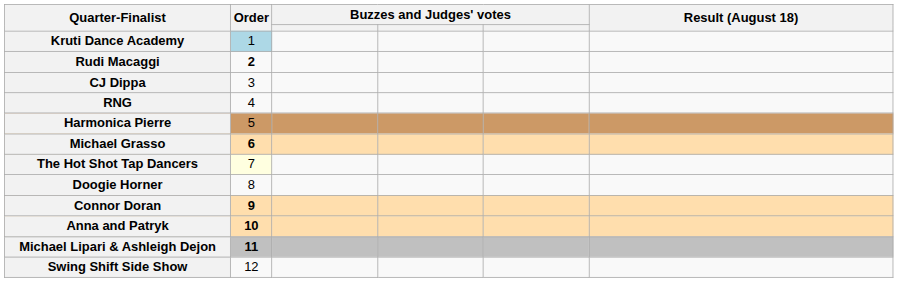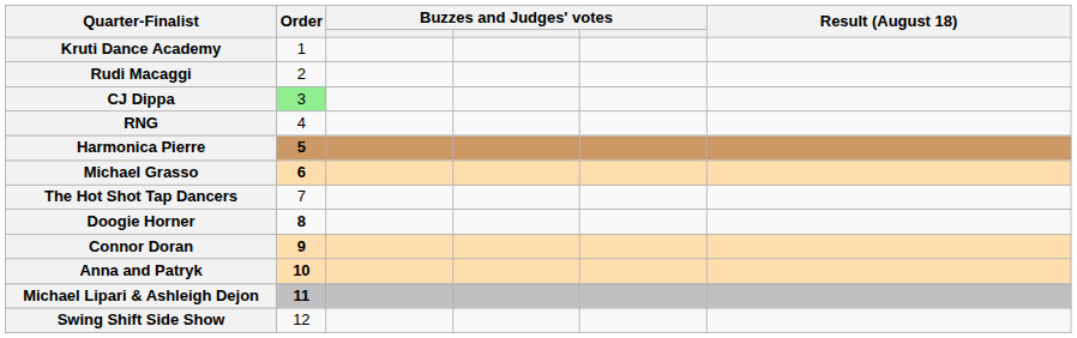 <table class="wikitable plainrowheaders sortable" style="text-align:center;">
 <tr>
 <th scope="col" rowspan="2" class="unsortable" style="width:17em;">Quarter-Finalist</th>
 <th scope="col" rowspan="2" style="width:1em;">Order</th>
 <th scope="col" colspan="3" class="unsortable" style="width:24em;">Buzzes and Judges' votes</th>
 <th scope="col" rowspan="2" style="width:23em;">Result (August 18)</th>
 </tr>
 <tr>
 <th scope="col" class="unsortable" style="width:6em;"></th>
 <th scope="col" class="unsortable" style="width:6em;"></th>
 <th scope="col" class="unsortable" style="width:6em;"></th>
 </tr>
 <tr>
 <th scope="row">Kruti Dance Academy</th>
-<td style="background: lightblue;">1</td>
+<td>1</td>
 <td style="text-align:center;"></td>
 <td style="text-align:center;"></td>
 <td style="text-align:center;"></td>
 <td></td>
 </tr>
 <tr>
 <th scope="row">Rudi Macaggi</th>
-<td><strong>2</strong></td>
+<td>2</td>
 <td style="text-align:center;"></td>
 <td style="text-align:center;"></td>
 <td style="text-align:center;"></td>
 <td></td>
 </tr>
 <tr>
 <th scope="row">CJ Dippa</th>
-<td>3</td>
+<td style="background: lightgreen;">3</td>
 <td style="text-align:center;"></td>
 <td style="text-align:center;"></td>
 <td style="text-align:center;"></td>
 <td></td>
 </tr>
 <tr>
 <th scope="row">RNG</th>
 <td>4</td>
 <td style="text-align:center;"></td>
 <td style="text-align:center;"></td>
 <td style="text-align:center;"></td>
 <td></td>
 </tr>
 <tr style="background:#c96;">
 <th scope="row">Harmonica Pierre</th>
-<td>5</td>
+<td><strong>5</strong></td>
 <td style="text-align:center;"></td>
 <td style="text-align:center;"></td>
 <td style="text-align:center;"></td>
 <td></td>
 </tr>
 <tr style="background:NavajoWhite;">
 <th scope="row"><strong>Michael Grasso</strong></th>
 <td><strong>6</strong></td>
 <td style="text-align:center;"></td>
 <td style="text-align:center;"></td>
 <td style="text-align:center;"></td>
 <td><strong></strong></td>
 </tr>
 <tr>
 <th scope="row">The Hot Shot Tap Dancers</th>
-<td style="background: lightyellow;">7</td>
+<td>7</td>
 <td style="text-align:center;"></td>
 <td style="text-align:center;"></td>
 <td style="text-align:center;"></td>
 <td></td>
 </tr>
 <tr>
 <th scope="row">Doogie Horner</th>
-<td>8</td>
+<td><strong>8</strong></td>
 <td style="text-align:center;"></td>
 <td style="text-align:center;"></td>
 <td style="text-align:center;"></td>
 <td></td>
 </tr>
 <tr style="background:NavajoWhite;">
 <th scope="row"><strong>Connor Doran</strong></th>
 <td><strong>9</strong></td>
 <td style="text-align:center;"></td>
 <td style="text-align:center;"></td>
 <td style="text-align:center;"></td>
 <td><strong></strong></td>
 </tr>
 <tr style="background:NavajoWhite;">
 <th scope="row"><strong>Anna and Patryk</strong></th>
 <td><strong>10</strong></td>
 <td style="text-align:center;"></td>
 <td style="text-align:center;"></td>
 <td style="text-align:center;"></td>
 <td><strong></strong></td>
 </tr>
 <tr style="background:silver;">
 <th scope="row"><strong>Michael Lipari & Ashleigh Dejon</strong></th>
 <td><strong>11</strong></td>
 <td style="text-align:center;"></td>
 <td style="text-align:center;"></td>
 <td style="text-align:center;"></td>
 <td><strong></strong></td>
 </tr>
 <tr>
 <th scope="row">Swing Shift Side Show</th>
 <td>12</td>
 <td style="text-align:center;"></td>
 <td style="text-align:center;"></td>
 <td style="text-align:center;"></td>
 <td></td>
 </tr>
 </table>
